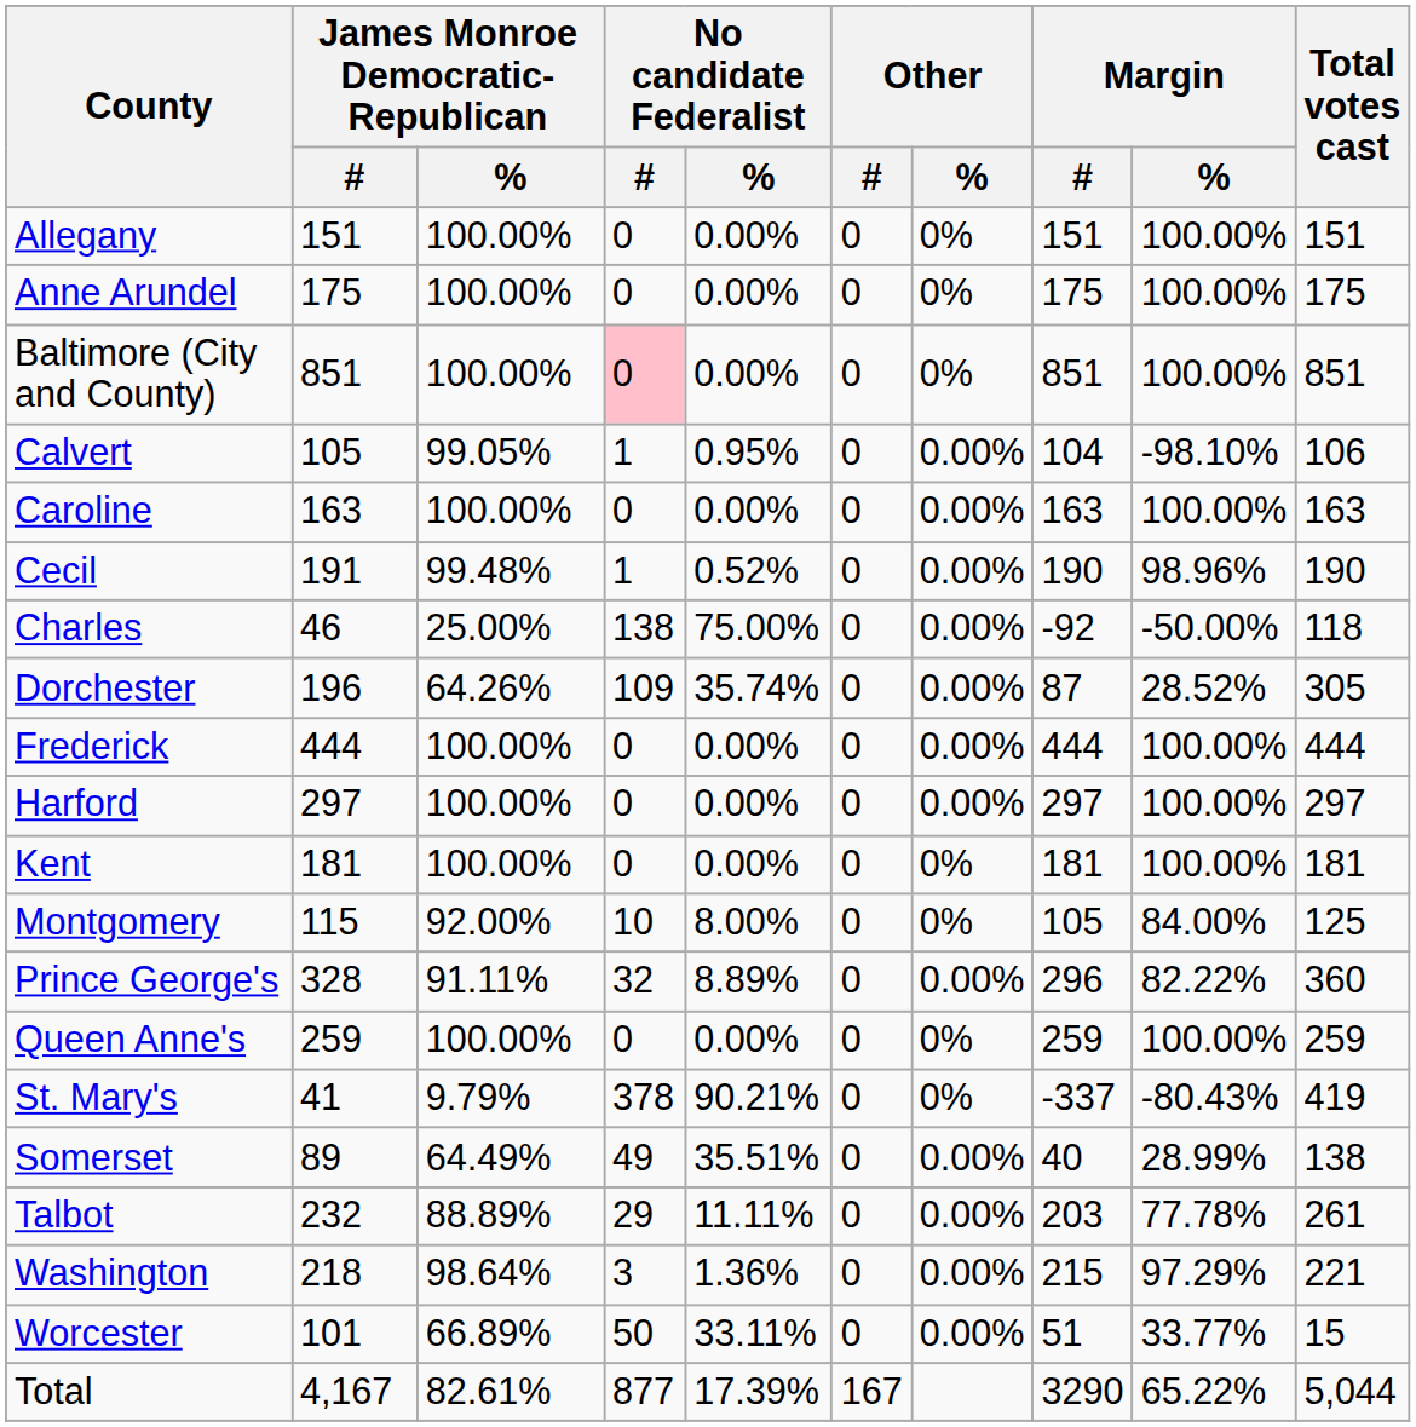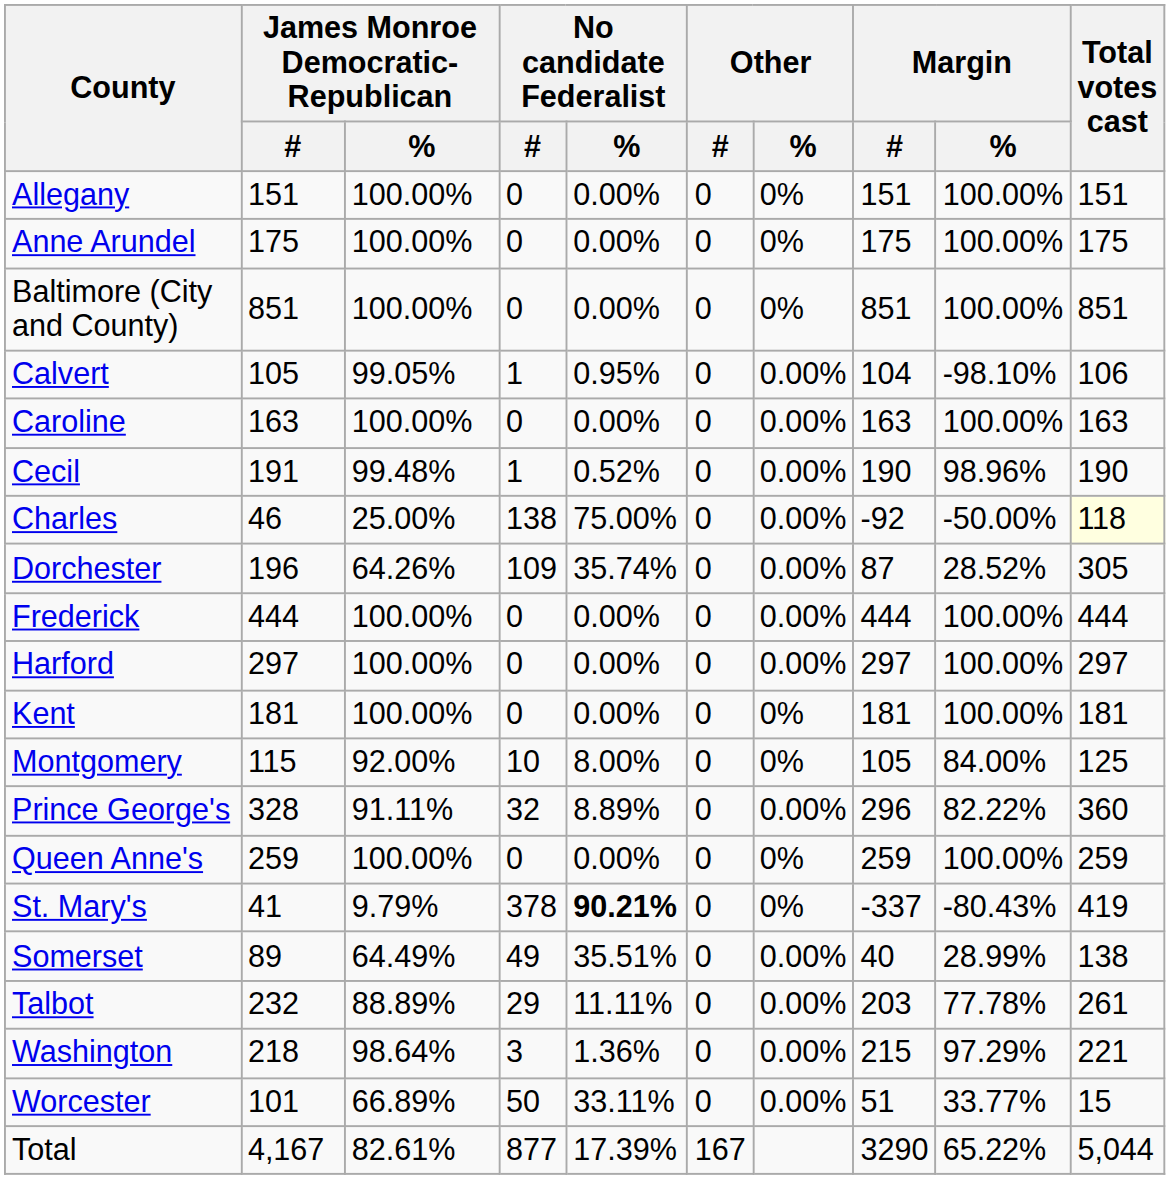 <table class="wikitable sortable">
 <tr>
 <th rowspan="2">County</th>
 <th colspan="2" >James Monroe<br>Democratic-Republican</th>
 <th colspan="2" >No candidate<br>Federalist</th>
 <th colspan="2" >Other</th>
 <th colspan="2">Margin</th>
 <th rowspan="2">Total<br>votes<br>cast</th>
 </tr>
 <tr>
 <th>#</th>
 <th>%</th>
 <th>#</th>
 <th>%</th>
 <th>#</th>
 <th>%</th>
 <th>#</th>
 <th>%</th>
 </tr>
 <tr>
 <td><a href='#'>Allegany</a></td>
 <td>151</td>
 <td>100.00%</td>
 <td>0</td>
 <td>0.00%</td>
 <td>0</td>
 <td>0%</td>
 <td>151</td>
 <td>100.00%</td>
 <td>151</td>
 </tr>
 <tr>
 <td><a href='#'>Anne Arundel</a></td>
 <td>175</td>
 <td>100.00%</td>
 <td>0</td>
 <td>0.00%</td>
 <td>0</td>
 <td>0%</td>
 <td>175</td>
 <td>100.00%</td>
 <td>175</td>
 </tr>
 <tr>
 <td>Baltimore (City and County)</td>
 <td>851</td>
 <td>100.00%</td>
-<td style="background: pink;">0</td>
+<td>0</td>
 <td>0.00%</td>
 <td>0</td>
 <td>0%</td>
 <td>851</td>
 <td>100.00%</td>
 <td>851</td>
 </tr>
 <tr>
 <td><a href='#'>Calvert</a></td>
 <td>105</td>
 <td>99.05%</td>
 <td>1</td>
 <td>0.95%</td>
 <td>0</td>
 <td>0.00%</td>
 <td>104</td>
 <td>-98.10%</td>
 <td>106</td>
 </tr>
 <tr>
 <td><a href='#'>Caroline</a></td>
 <td>163</td>
 <td>100.00%</td>
 <td>0</td>
 <td>0.00%</td>
 <td>0</td>
 <td>0.00%</td>
 <td>163</td>
 <td>100.00%</td>
 <td>163</td>
 </tr>
 <tr>
 <td><a href='#'>Cecil</a></td>
 <td>191</td>
 <td>99.48%</td>
 <td>1</td>
 <td>0.52%</td>
 <td>0</td>
 <td>0.00%</td>
 <td>190</td>
 <td>98.96%</td>
 <td>190</td>
 </tr>
 <tr>
 <td><a href='#'>Charles</a></td>
 <td>46</td>
 <td>25.00%</td>
 <td>138</td>
 <td>75.00%</td>
 <td>0</td>
 <td>0.00%</td>
 <td>-92</td>
 <td>-50.00%</td>
-<td>118</td>
+<td style="background: lightyellow;">118</td>
 </tr>
 <tr>
 <td><a href='#'>Dorchester</a></td>
 <td>196</td>
 <td>64.26%</td>
 <td>109</td>
 <td>35.74%</td>
 <td>0</td>
 <td>0.00%</td>
 <td>87</td>
 <td>28.52%</td>
 <td>305</td>
 </tr>
 <tr>
 <td><a href='#'>Frederick</a></td>
 <td>444</td>
 <td>100.00%</td>
 <td>0</td>
 <td>0.00%</td>
 <td>0</td>
 <td>0.00%</td>
 <td>444</td>
 <td>100.00%</td>
 <td>444</td>
 </tr>
 <tr>
 <td><a href='#'>Harford</a></td>
 <td>297</td>
 <td>100.00%</td>
 <td>0</td>
 <td>0.00%</td>
 <td>0</td>
 <td>0.00%</td>
 <td>297</td>
 <td>100.00%</td>
 <td>297</td>
 </tr>
 <tr>
 <td><a href='#'>Kent</a></td>
 <td>181</td>
 <td>100.00%</td>
 <td>0</td>
 <td>0.00%</td>
 <td>0</td>
 <td>0%</td>
 <td>181</td>
 <td>100.00%</td>
 <td>181</td>
 </tr>
 <tr>
 <td><a href='#'>Montgomery</a></td>
 <td>115</td>
 <td>92.00%</td>
 <td>10</td>
 <td>8.00%</td>
 <td>0</td>
 <td>0%</td>
 <td>105</td>
 <td>84.00%</td>
 <td>125</td>
 </tr>
 <tr>
 <td><a href='#'>Prince George's</a></td>
 <td>328</td>
 <td>91.11%</td>
 <td>32</td>
 <td>8.89%</td>
 <td>0</td>
 <td>0.00%</td>
 <td>296</td>
 <td>82.22%</td>
 <td>360</td>
 </tr>
 <tr>
 <td><a href='#'>Queen Anne's</a></td>
 <td>259</td>
 <td>100.00%</td>
 <td>0</td>
 <td>0.00%</td>
 <td>0</td>
 <td>0%</td>
 <td>259</td>
 <td>100.00%</td>
 <td>259</td>
 </tr>
 <tr>
 <td><a href='#'>St. Mary's</a></td>
 <td>41</td>
 <td>9.79%</td>
 <td>378</td>
-<td>90.21%</td>
+<td><strong>90.21%</strong></td>
 <td>0</td>
 <td>0%</td>
 <td>-337</td>
 <td>-80.43%</td>
 <td>419</td>
 </tr>
 <tr>
 <td><a href='#'>Somerset</a></td>
 <td>89</td>
 <td>64.49%</td>
 <td>49</td>
 <td>35.51%</td>
 <td>0</td>
 <td>0.00%</td>
 <td>40</td>
 <td>28.99%</td>
 <td>138</td>
 </tr>
 <tr>
 <td><a href='#'>Talbot</a></td>
 <td>232</td>
 <td>88.89%</td>
 <td>29</td>
 <td>11.11%</td>
 <td>0</td>
 <td>0.00%</td>
 <td>203</td>
 <td>77.78%</td>
 <td>261</td>
 </tr>
 <tr>
 <td><a href='#'>Washington</a></td>
 <td>218</td>
 <td>98.64%</td>
 <td>3</td>
 <td>1.36%</td>
 <td>0</td>
 <td>0.00%</td>
 <td>215</td>
 <td>97.29%</td>
 <td>221</td>
 </tr>
 <tr>
 <td><a href='#'>Worcester</a></td>
 <td>101</td>
 <td>66.89%</td>
 <td>50</td>
 <td>33.11%</td>
 <td>0</td>
 <td>0.00%</td>
 <td>51</td>
 <td>33.77%</td>
 <td>15</td>
 </tr>
 <tr>
 <td>Total</td>
 <td>4,167</td>
 <td>82.61%</td>
 <td>877</td>
 <td>17.39%</td>
 <td>167</td>
 <td></td>
 <td>3290</td>
 <td>65.22%</td>
 <td>5,044</td>
 </tr>
 </table>
